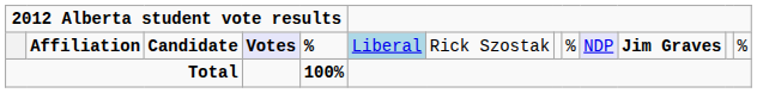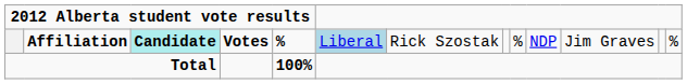 <table class="wikitable">
 <tr>
 <td colspan="5" align=center><strong>2012 Alberta student vote results</strong></td>
 </tr>
 <tr>
 <th style="width: 10px;"></th>
 <td><strong>Affiliation</strong></td>
-<td><strong>Candidate</strong></td>
-<td style="background: lavender;"><strong>Votes</strong></td>
+<td style="background: paleturquoise;"><strong>Candidate</strong></td>
+<td><strong>Votes</strong></td>
 <td><strong>%</strong><br>  </td>
 <td style="background: lightblue;"><a href='#'>Liberal</a></td>
 <td>Rick Szostak</td>
 <td></td>
 <td>%<br> </td>
-<td style="background: lavender;"><a href='#'>NDP</a></td>
-<td><strong>Jim Graves</strong></td>
+<td><a href='#'>NDP</a></td>
+<td>Jim Graves</td>
 <td></td>
 <td>%</td>
 </tr>
 <tr>
 <td colspan="3" align="right"><strong>Total</strong></td>
 <td></td>
 <td><strong>100%</strong></td>
 </tr>
 </table>
